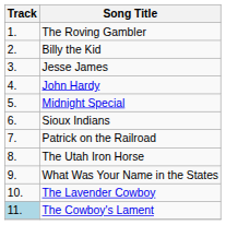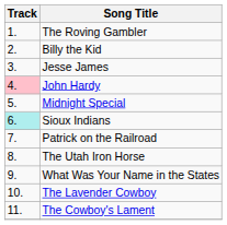 <table class="wikitable" style="font-size:95%;">
 <tr>
 <th>Track</th>
 <th>Song Title</th>
 </tr>
 <tr>
 <td>1.</td>
 <td>The Roving Gambler</td>
 </tr>
 <tr>
 <td>2.</td>
 <td>Billy the Kid</td>
 </tr>
 <tr>
 <td>3.</td>
 <td>Jesse James</td>
 </tr>
 <tr>
-<td>4.</td>
+<td style="background: pink;">4.</td>
 <td><a href='#'>John Hardy</a></td>
 </tr>
 <tr>
 <td>5.</td>
 <td><a href='#'>Midnight Special</a></td>
 </tr>
 <tr>
-<td>6.</td>
+<td style="background: paleturquoise;">6.</td>
 <td>Sioux Indians</td>
 </tr>
 <tr>
 <td>7.</td>
 <td>Patrick on the Railroad</td>
 </tr>
 <tr>
 <td>8.</td>
 <td>The Utah Iron Horse</td>
 </tr>
 <tr>
 <td>9.</td>
 <td>What Was Your Name in the States</td>
 </tr>
 <tr>
 <td>10.</td>
 <td><a href='#'>The Lavender Cowboy</a></td>
 </tr>
 <tr>
-<td style="background: lightblue;">11.</td>
+<td>11.</td>
 <td><a href='#'>The Cowboy's Lament</a></td>
 </tr>
 <tr>
 </tr>
 </table>
